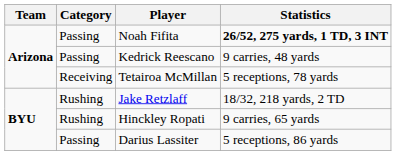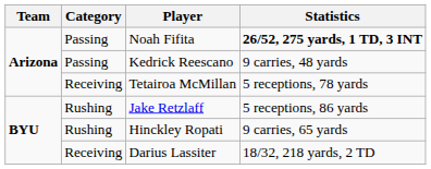 <table class="wikitable" style="float: right;">
 <tr>
 <th>Team</th>
 <th>Category</th>
 <th>Player</th>
 <th>Statistics</th>
 </tr>
 <tr>
 <td rowspan=3><strong>Arizona</strong></td>
 <td>Passing</td>
 <td>Noah Fifita</td>
 <td><strong>26/52, 275 yards, 1 TD, 3 INT</strong></td>
 </tr>
 <tr>
 <td>Passing</td>
 <td>Kedrick Reescano</td>
 <td>9 carries, 48 yards</td>
 </tr>
 <tr>
 <td>Receiving</td>
 <td>Tetairoa McMillan</td>
 <td>5 receptions, 78 yards</td>
 </tr>
 <tr>
 <td rowspan=3><strong>BYU</strong></td>
 <td>Rushing</td>
 <td><a href='#'>Jake Retzlaff</a></td>
-<td>18/32, 218 yards, 2 TD</td>
+<td>5 receptions, 86 yards</td>
 </tr>
 <tr>
 <td>Rushing</td>
 <td>Hinckley Ropati</td>
 <td>9 carries, 65 yards</td>
 </tr>
 <tr>
-<td>Passing</td>
+<td>Receiving</td>
 <td>Darius Lassiter</td>
-<td>5 receptions, 86 yards</td>
+<td>18/32, 218 yards, 2 TD</td>
 </tr>
 </table>
